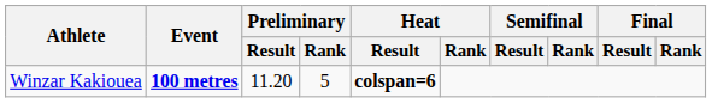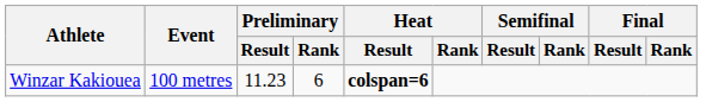 <table class="wikitable" style="font-size:90%">
 <tr>
 <th rowspan="2">Athlete</th>
 <th rowspan="2">Event</th>
 <th colspan="2">Preliminary</th>
 <th colspan="2">Heat</th>
 <th colspan="2">Semifinal</th>
 <th colspan="2">Final</th>
 </tr>
 <tr style="font-size:95%">
 <th>Result</th>
 <th>Rank</th>
 <th>Result</th>
 <th>Rank</th>
 <th>Result</th>
 <th>Rank</th>
 <th>Result</th>
 <th>Rank</th>
 </tr>
 <tr align=center>
 <td align=left><a href='#'>Winzar Kakiouea</a></td>
-<td align=left><strong><a href='#'>100 metres</a></strong></td>
-<td>11.20 </td>
-<td>5</td>
+<td align=left><a href='#'>100 metres</a></td>
+<td>11.23 </td>
+<td>6</td>
 <td><strong>colspan=6 </strong></td>
 </tr>
 </table>
